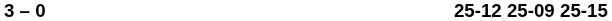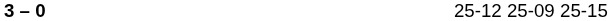 <table width=100% cellspacing=1>
 <tr>
 <th width=20%></th>
 <th width=12%></th>
 <th width=20%></th>
 <th width=33%></th>
 <td></td>
 </tr>
 <tr style=font-size:90%>
 <td align=right><strong></strong></td>
 <td align=center><strong>3 – 0</strong></td>
 <td></td>
-<td><strong>25-12 25-09 25-15 </strong></td>
+<td>25-12 25-09 25-15 </td>
 </tr>
 </table>
